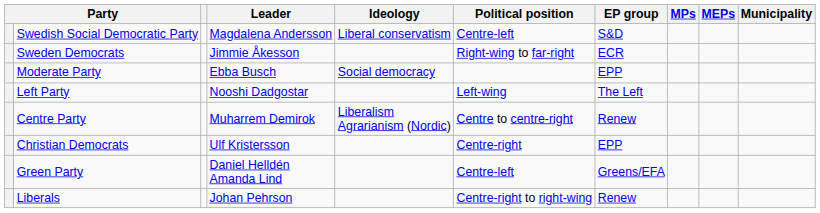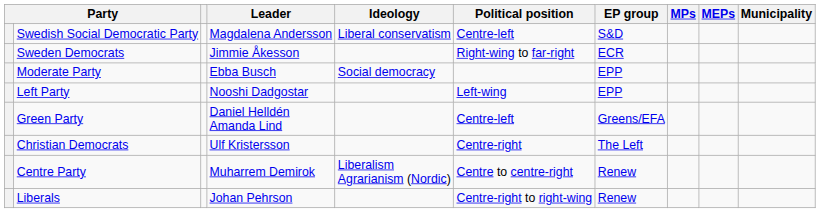 <table class="wikitable sortable">
 <tr>
 <th colspan="2">Party</th>
 <th></th>
 <th>Leader</th>
 <th class=unsortable>Ideology</th>
 <th class=unsortable>Political position</th>
 <th>EP group</th>
 <th><a href='#'>MPs</a></th>
 <th><a href='#'>MEPs</a></th>
 <th>Municipality</th>
 </tr>
 <tr>
 <th width=5px style="background-color: "></th>
 <td><a href='#'>Swedish Social Democratic Party</a>  <br><small><em></em></small></td>
 <td></td>
 <td><a href='#'>Magdalena Andersson</a></td>
 <td><a href='#'>Liberal conservatism</a></td>
 <td><a href='#'>Centre-left</a></td>
 <td><a href='#'>S&D</a></td>
 <td></td>
 <td></td>
 <td></td>
 </tr>
 <tr>
 <th style="background-color: "></th>
 <td><a href='#'>Sweden Democrats</a>  <br><small><em></em></small></td>
 <td></td>
 <td><a href='#'>Jimmie Åkesson</a></td>
 <td></td>
 <td><a href='#'>Right-wing</a> to <a href='#'>far-right</a></td>
 <td><a href='#'>ECR</a></td>
 <td></td>
 <td></td>
 <td></td>
 </tr>
 <tr>
 <th style="background-color: "></th>
 <td><a href='#'>Moderate Party</a>  <br><small><em></em></small></td>
 <td></td>
 <td><a href='#'>Ebba Busch</a></td>
 <td><a href='#'>Social democracy</a></td>
 <td></td>
 <td><a href='#'>EPP</a></td>
 <td></td>
 <td></td>
 <td></td>
 </tr>
 <tr>
 <th style="background-color: "></th>
 <td><a href='#'>Left Party</a>  <br><small><em></em></small></td>
 <td></td>
 <td><a href='#'>Nooshi Dadgostar</a></td>
 <td></td>
 <td><a href='#'>Left-wing</a></td>
+<td><a href='#'>EPP</a></td>
+<td></td>
+<td></td>
+<td></td>
+</tr>
+<tr>
+<th style="background-color: "></th>
+<td><a href='#'>Green Party</a>  <br><small><em></em></small></td>
+<td></td>
+<td><a href='#'>Daniel Helldén</a><br><a href='#'>Amanda Lind</a></td>
+<td></td>
+<td><a href='#'>Centre-left</a></td>
+<td><a href='#'>Greens/EFA</a></td>
+<td></td>
+<td></td>
+<td></td>
+</tr>
+<tr>
+<th style="background-color: "></th>
+<td><a href='#'>Christian Democrats</a>  <br><small><em></em></small></td>
+<td></td>
+<td><a href='#'>Ulf Kristersson</a></td>
+<td></td>
+<td><a href='#'>Centre-right</a></td>
 <td><a href='#'>The Left</a></td>
 <td></td>
 <td></td>
 <td></td>
 </tr>
 <tr>
 <th style="background-color: "></th>
 <td><a href='#'>Centre Party</a>  <br><small><em></em></small></td>
 <td></td>
 <td><a href='#'>Muharrem Demirok</a></td>
 <td><a href='#'>Liberalism</a><br><a href='#'>Agrarianism</a> (<a href='#'>Nordic</a>)</td>
 <td><a href='#'>Centre</a> to <a href='#'>centre-right</a></td>
 <td><a href='#'>Renew</a></td>
 <td></td>
 <td></td>
 <td></td>
 </tr>
 <tr>
 <th style="background-color: "></th>
-<td><a href='#'>Christian Democrats</a>  <br><small><em></em></small></td>
-<td></td>
-<td><a href='#'>Ulf Kristersson</a></td>
-<td></td>
-<td><a href='#'>Centre-right</a></td>
-<td><a href='#'>EPP</a></td>
-<td></td>
-<td></td>
-<td></td>
-</tr>
-<tr>
-<th style="background-color: "></th>
-<td><a href='#'>Green Party</a>  <br><small><em></em></small></td>
-<td></td>
-<td><a href='#'>Daniel Helldén</a><br><a href='#'>Amanda Lind</a></td>
-<td></td>
-<td><a href='#'>Centre-left</a></td>
-<td><a href='#'>Greens/EFA</a></td>
-<td></td>
-<td></td>
-<td></td>
-</tr>
-<tr>
-<th style="background-color: "></th>
 <td><a href='#'>Liberals</a>  <br><small><em></em></small></td>
 <td></td>
 <td><a href='#'>Johan Pehrson</a></td>
 <td></td>
 <td><a href='#'>Centre-right</a> to <a href='#'>right-wing</a></td>
 <td><a href='#'>Renew</a></td>
 <td></td>
 <td></td>
 <td></td>
 </tr>
 </table>
